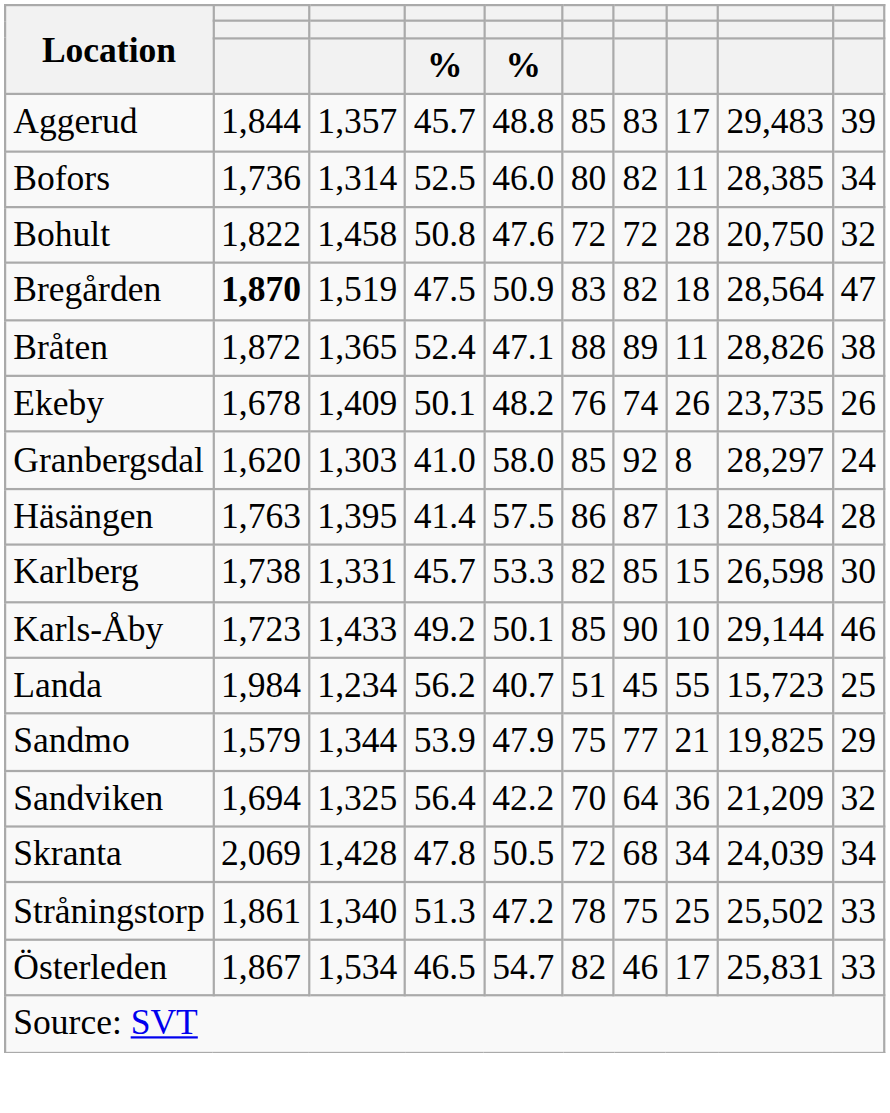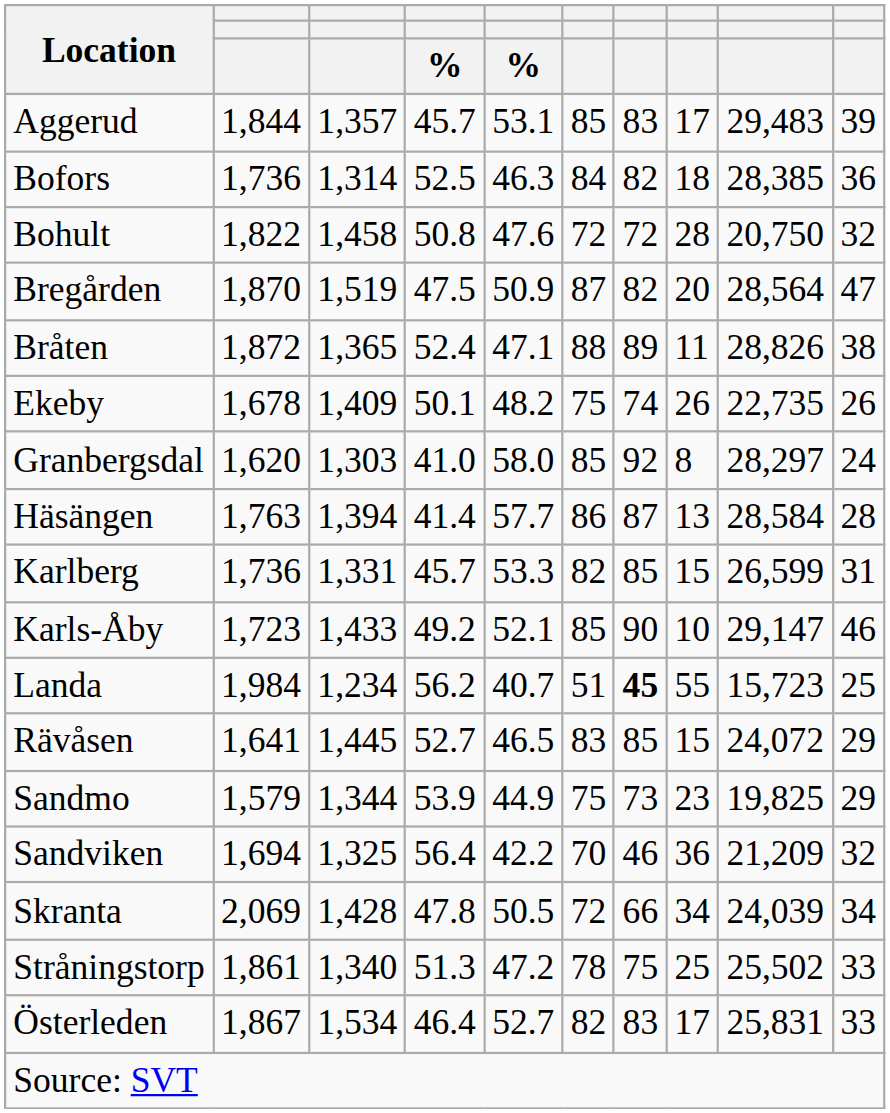 <table role="presentation" class="wikitable sortable mw-collapsible">
 <tr>
 <th rowspan="3">Location</th>
 <th></th>
 <th></th>
 <th></th>
 <th></th>
 <th></th>
 <th></th>
 <th></th>
 <th></th>
 <th></th>
 </tr>
 <tr>
 <th></th>
 <th></th>
 <th style="background:"></th>
 <th style="background:"></th>
 <th></th>
 <th></th>
 <th></th>
 <th></th>
 <th></th>
 </tr>
 <tr>
 <th data-sort-type="number"></th>
 <th data-sort-type="number"></th>
 <th data-sort-type="number">%</th>
 <th data-sort-type="number">%</th>
 <th data-sort-type="number"></th>
 <th data-sort-type="number"></th>
 <th data-sort-type="number"></th>
 <th data-sort-type="number"></th>
 <th data-sort-type="number"></th>
 </tr>
 <tr>
 <td align="left">Aggerud</td>
 <td>1,844</td>
 <td>1,357</td>
 <td>45.7</td>
-<td>48.8</td>
+<td>53.1</td>
 <td>85</td>
 <td>83</td>
 <td>17</td>
 <td>29,483</td>
 <td>39</td>
 </tr>
 <tr>
 <td align="left">Bofors</td>
 <td>1,736</td>
 <td>1,314</td>
 <td>52.5</td>
-<td>46.0</td>
-<td>80</td>
+<td>46.3</td>
+<td>84</td>
 <td>82</td>
-<td>11</td>
+<td>18</td>
 <td>28,385</td>
-<td>34</td>
+<td>36</td>
 </tr>
 <tr>
 <td align="left">Bohult</td>
 <td>1,822</td>
 <td>1,458</td>
 <td>50.8</td>
 <td>47.6</td>
 <td>72</td>
 <td>72</td>
 <td>28</td>
 <td>20,750</td>
 <td>32</td>
 </tr>
 <tr>
 <td align="left">Bregården</td>
-<td><strong>1,870</strong></td>
+<td>1,870</td>
 <td>1,519</td>
 <td>47.5</td>
 <td>50.9</td>
-<td>83</td>
+<td>87</td>
 <td>82</td>
-<td>18</td>
+<td>20</td>
 <td>28,564</td>
 <td>47</td>
 </tr>
 <tr>
 <td align="left">Bråten</td>
 <td>1,872</td>
 <td>1,365</td>
 <td>52.4</td>
 <td>47.1</td>
 <td>88</td>
 <td>89</td>
 <td>11</td>
 <td>28,826</td>
 <td>38</td>
 </tr>
 <tr>
 <td align="left">Ekeby</td>
 <td>1,678</td>
 <td>1,409</td>
 <td>50.1</td>
 <td>48.2</td>
-<td>76</td>
+<td>75</td>
 <td>74</td>
 <td>26</td>
-<td>23,735</td>
+<td>22,735</td>
 <td>26</td>
 </tr>
 <tr>
 <td align="left">Granbergsdal</td>
 <td>1,620</td>
 <td>1,303</td>
 <td>41.0</td>
 <td>58.0</td>
 <td>85</td>
 <td>92</td>
 <td>8</td>
 <td>28,297</td>
 <td>24</td>
 </tr>
 <tr>
 <td align="left">Häsängen</td>
 <td>1,763</td>
-<td>1,395</td>
+<td>1,394</td>
 <td>41.4</td>
-<td>57.5</td>
+<td>57.7</td>
 <td>86</td>
 <td>87</td>
 <td>13</td>
 <td>28,584</td>
 <td>28</td>
 </tr>
 <tr>
 <td align="left">Karlberg</td>
-<td>1,738</td>
+<td>1,736</td>
 <td>1,331</td>
 <td>45.7</td>
 <td>53.3</td>
 <td>82</td>
 <td>85</td>
 <td>15</td>
-<td>26,598</td>
-<td>30</td>
+<td>26,599</td>
+<td>31</td>
 </tr>
 <tr>
 <td align="left">Karls-Åby</td>
 <td>1,723</td>
 <td>1,433</td>
 <td>49.2</td>
-<td>50.1</td>
+<td>52.1</td>
 <td>85</td>
 <td>90</td>
 <td>10</td>
-<td>29,144</td>
+<td>29,147</td>
 <td>46</td>
 </tr>
 <tr>
 <td align="left">Landa</td>
 <td>1,984</td>
 <td>1,234</td>
 <td>56.2</td>
 <td>40.7</td>
 <td>51</td>
-<td>45</td>
+<td><strong>45</strong></td>
 <td>55</td>
 <td>15,723</td>
 <td>25</td>
+</tr>
+<tr>
+<td align="left">Rävåsen</td>
+<td>1,641</td>
+<td>1,445</td>
+<td>52.7</td>
+<td>46.5</td>
+<td>83</td>
+<td>85</td>
+<td>15</td>
+<td>24,072</td>
+<td>29</td>
 </tr>
 <tr>
 <td align="left">Sandmo</td>
 <td>1,579</td>
 <td>1,344</td>
 <td>53.9</td>
-<td>47.9</td>
+<td>44.9</td>
 <td>75</td>
-<td>77</td>
-<td>21</td>
+<td>73</td>
+<td>23</td>
 <td>19,825</td>
 <td>29</td>
 </tr>
 <tr>
 <td align="left">Sandviken</td>
 <td>1,694</td>
 <td>1,325</td>
 <td>56.4</td>
 <td>42.2</td>
 <td>70</td>
-<td>64</td>
+<td>46</td>
 <td>36</td>
 <td>21,209</td>
 <td>32</td>
 </tr>
 <tr>
 <td align="left">Skranta</td>
 <td>2,069</td>
 <td>1,428</td>
 <td>47.8</td>
 <td>50.5</td>
 <td>72</td>
-<td>68</td>
+<td>66</td>
 <td>34</td>
 <td>24,039</td>
 <td>34</td>
 </tr>
 <tr>
 <td align="left">Stråningstorp</td>
 <td>1,861</td>
 <td>1,340</td>
 <td>51.3</td>
 <td>47.2</td>
 <td>78</td>
 <td>75</td>
 <td>25</td>
 <td>25,502</td>
 <td>33</td>
 </tr>
 <tr>
 <td align="left">Österleden</td>
 <td>1,867</td>
 <td>1,534</td>
-<td>46.5</td>
-<td>54.7</td>
+<td>46.4</td>
+<td>52.7</td>
 <td>82</td>
-<td>46</td>
+<td>83</td>
 <td>17</td>
 <td>25,831</td>
 <td>33</td>
 </tr>
 <tr>
 <td colspan="10" align="left">Source: <a href='#'>SVT</a></td>
 </tr>
 </table>
